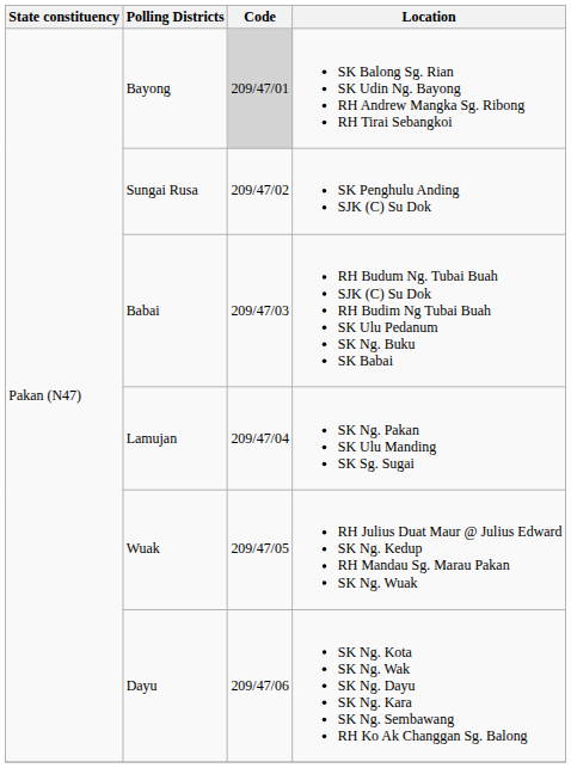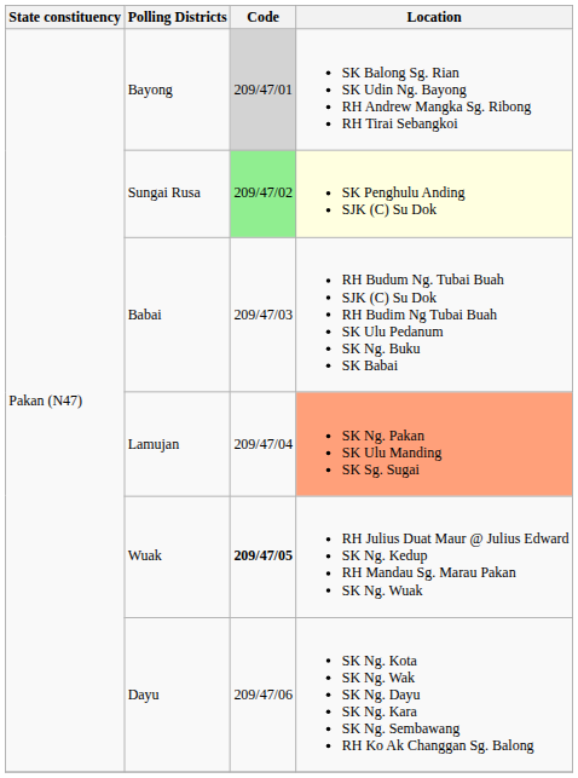 <table class="wikitable sortable mw-collapsible" style="white-space:nowrap;font-size:85%">
 <tr>
 <th>State constituency</th>
 <th>Polling Districts</th>
 <th>Code</th>
 <th>Location</th>
 </tr>
 <tr>
 <td rowspan="6">Pakan (N47)</td>
 <td>Bayong</td>
 <td style="background: lightgrey;">209/47/01</td>
 <td><br><ul><li>SK Balong Sg. Rian</li><li>SK Udin Ng. Bayong</li><li>RH Andrew Mangka Sg. Ribong</li><li>RH Tirai Sebangkoi</li></ul></td>
 </tr>
 <tr>
 <td>Sungai Rusa</td>
-<td>209/47/02</td>
-<td><br><ul><li>SK Penghulu Anding</li><li>SJK (C) Su Dok</li></ul></td>
+<td style="background: lightgreen;">209/47/02</td>
+<td style="background: lightyellow;"><br><ul><li>SK Penghulu Anding</li><li>SJK (C) Su Dok</li></ul></td>
 </tr>
 <tr>
 <td>Babai</td>
 <td>209/47/03</td>
 <td><br><ul><li>RH Budum Ng. Tubai Buah</li><li>SJK (C) Su Dok</li><li>RH Budim Ng Tubai Buah</li><li>SK Ulu Pedanum</li><li>SK Ng. Buku</li><li>SK Babai</li></ul></td>
 </tr>
 <tr>
 <td>Lamujan</td>
 <td>209/47/04</td>
-<td><br><ul><li>SK Ng. Pakan</li><li>SK Ulu Manding</li><li>SK Sg. Sugai</li></ul></td>
+<td style="background: lightsalmon;"><br><ul><li>SK Ng. Pakan</li><li>SK Ulu Manding</li><li>SK Sg. Sugai</li></ul></td>
 </tr>
 <tr>
 <td>Wuak</td>
-<td>209/47/05</td>
+<td><strong>209/47/05</strong></td>
 <td><br><ul><li>RH Julius Duat Maur @ Julius Edward</li><li>SK Ng. Kedup</li><li>RH Mandau Sg. Marau Pakan</li><li>SK Ng. Wuak</li></ul></td>
 </tr>
 <tr>
 <td>Dayu</td>
 <td>209/47/06</td>
 <td><br><ul><li>SK Ng. Kota</li><li>SK Ng. Wak</li><li>SK Ng. Dayu</li><li>SK Ng. Kara</li><li>SK Ng. Sembawang</li><li>RH Ko Ak Changgan Sg. Balong</li></ul></td>
 </tr>
 <tr>
 </tr>
 </table>
